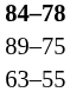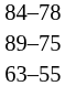 <table style="text-align:center">
 <tr>
 <th width=200></th>
 <th width=100></th>
 <th width=200></th>
 <th></th>
 </tr>
 <tr>
 <td align=right><strong></strong></td>
-<td><strong>84–78</strong></td>
+<td>84–78</td>
 <td align=left></td>
 </tr>
 <tr>
 <td align=right><strong></strong></td>
 <td>89–75</td>
 <td align=left></td>
 </tr>
 <tr>
 <td align=right><strong></strong></td>
 <td>63–55</td>
 <td align=left></td>
 </tr>
 </table>
